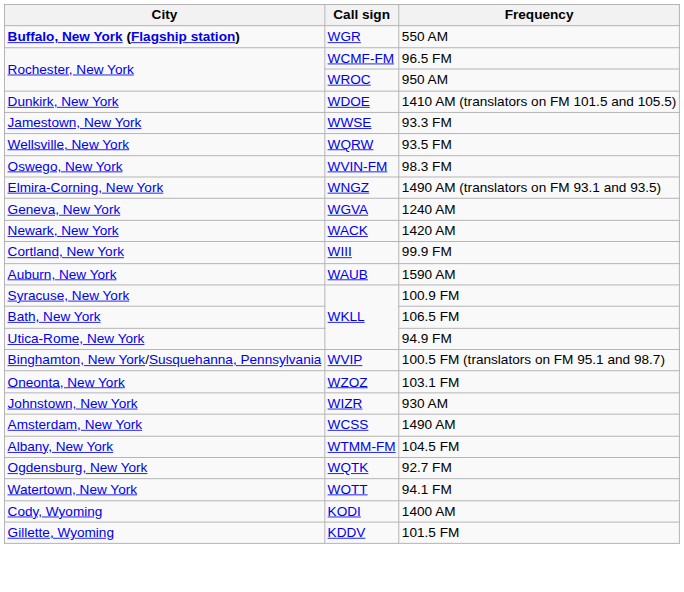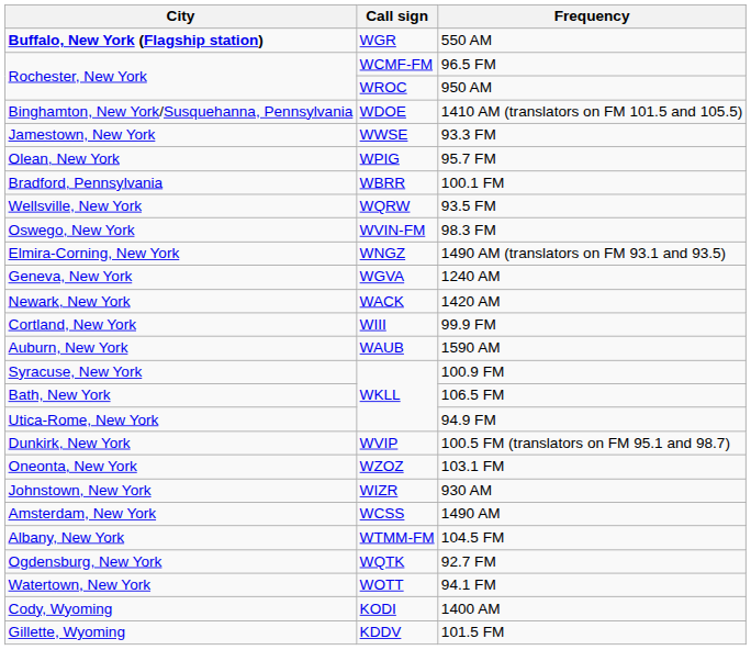 <table class="wikitable sortable">
 <tr>
 <th>City</th>
 <th>Call sign</th>
 <th>Frequency</th>
 </tr>
 <tr>
 <td><strong><a href='#'>Buffalo, New York</a></strong> <strong>(<a href='#'>Flagship station</a>)</strong></td>
 <td><a href='#'>WGR</a></td>
 <td data-sort-value=000550>550 AM</td>
 </tr>
 <tr>
 <td rowspan=2><a href='#'>Rochester, New York</a></td>
 <td><a href='#'>WCMF-FM</a></td>
 <td data-sort-value=096500>96.5 FM</td>
 </tr>
 <tr>
 <td><a href='#'>WROC</a></td>
 <td data-sort-value=000950>950 AM</td>
 </tr>
 <tr>
-<td><a href='#'>Dunkirk, New York</a></td>
+<td><a href='#'>Binghamton, New York</a>/<a href='#'>Susquehanna, Pennsylvania</a></td>
 <td><a href='#'>WDOE</a></td>
 <td data-sort-value=001410>1410 AM (translators on FM 101.5 and 105.5)</td>
 </tr>
 <tr>
 <td><a href='#'>Jamestown, New York</a></td>
 <td><a href='#'>WWSE</a></td>
 <td data-sort-value=093300>93.3 FM</td>
+</tr>
+<tr>
+<td><a href='#'>Olean, New York</a></td>
+<td><a href='#'>WPIG</a></td>
+<td data-sort-value=095700>95.7 FM</td>
+</tr>
+<tr>
+<td><a href='#'>Bradford, Pennsylvania</a></td>
+<td><a href='#'>WBRR</a></td>
+<td data-sort-value=100100>100.1 FM</td>
 </tr>
 <tr>
 <td><a href='#'>Wellsville, New York</a></td>
 <td><a href='#'>WQRW</a></td>
 <td data-sort-value=093500>93.5 FM</td>
 </tr>
 <tr>
 <td><a href='#'>Oswego, New York</a></td>
 <td><a href='#'>WVIN-FM</a></td>
 <td data-sort-value=098300>98.3 FM</td>
 </tr>
 <tr>
 <td><a href='#'>Elmira-Corning, New York</a></td>
 <td><a href='#'>WNGZ</a></td>
 <td data-sort-value=001490>1490 AM (translators on FM 93.1 and 93.5)</td>
 </tr>
 <tr>
 <td><a href='#'>Geneva, New York</a></td>
 <td><a href='#'>WGVA</a></td>
 <td data-sort-value=001241>1240 AM</td>
 </tr>
 <tr>
 <td><a href='#'>Newark, New York</a></td>
 <td><a href='#'>WACK</a></td>
 <td data-sort-value=001420>1420 AM</td>
 </tr>
 <tr>
 <td><a href='#'>Cortland, New York</a></td>
 <td><a href='#'>WIII</a></td>
 <td data-sort-value=099900>99.9 FM</td>
 </tr>
 <tr>
 <td><a href='#'>Auburn, New York</a></td>
 <td><a href='#'>WAUB</a></td>
 <td data-sort-value=001590>1590 AM</td>
 </tr>
 <tr>
 <td><a href='#'>Syracuse, New York</a></td>
 <td rowspan=3><a href='#'>WKLL</a></td>
 <td data-sort-value=100900>100.9 FM</td>
 </tr>
 <tr>
 <td><a href='#'>Bath, New York</a></td>
 <td data-sort-value=106500>106.5 FM</td>
 </tr>
 <tr>
 <td><a href='#'>Utica-Rome, New York</a></td>
 <td data-sort-value=094900>94.9 FM</td>
 </tr>
 <tr>
-<td><a href='#'>Binghamton, New York</a>/<a href='#'>Susquehanna, Pennsylvania</a></td>
+<td><a href='#'>Dunkirk, New York</a></td>
 <td><a href='#'>WVIP</a></td>
 <td data-sort-value="100500">100.5 FM (translators on FM 95.1 and 98.7)</td>
 </tr>
 <tr>
 <td><a href='#'>Oneonta, New York</a></td>
 <td><a href='#'>WZOZ</a></td>
 <td data-sort-value=103100>103.1 FM</td>
 </tr>
 <tr>
 <td><a href='#'>Johnstown, New York</a></td>
 <td><a href='#'>WIZR</a></td>
 <td data-sort-value=000930>930 AM</td>
 </tr>
 <tr>
 <td><a href='#'>Amsterdam, New York</a></td>
 <td><a href='#'>WCSS</a></td>
 <td data-sort-value=001490>1490 AM</td>
 </tr>
 <tr>
 <td><a href='#'>Albany, New York</a></td>
 <td><a href='#'>WTMM-FM</a></td>
 <td data-sort-value=104500>104.5 FM</td>
 </tr>
 <tr>
 <td><a href='#'>Ogdensburg, New York</a></td>
 <td><a href='#'>WQTK</a></td>
 <td data-sort-value=092700>92.7 FM</td>
 </tr>
 <tr>
 <td><a href='#'>Watertown, New York</a></td>
 <td><a href='#'>WOTT</a></td>
 <td data-sort-value=094100>94.1 FM</td>
 </tr>
 <tr>
 <td><a href='#'>Cody, Wyoming</a></td>
 <td><a href='#'>KODI</a></td>
 <td data-sort-value=001400>1400 AM</td>
 </tr>
 <tr>
 <td><a href='#'>Gillette, Wyoming</a></td>
 <td><a href='#'>KDDV</a></td>
 <td data-sort-value=101500>101.5 FM</td>
 </tr>
 </table>
